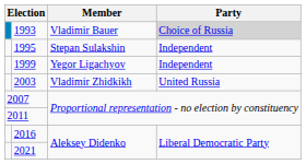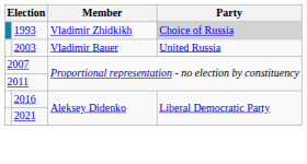 <table class="wikitable">
 <tr>
 <th colspan="2">Election</th>
 <th>Member</th>
 <th>Party</th>
 </tr>
 <tr>
 <td style="background-color:#0085BE"></td>
 <td><a href='#'>1993</a></td>
-<td><a href='#'>Vladimir Bauer</a></td>
+<td><a href='#'>Vladimir Zhidkikh</a></td>
 <td style="background: lightgrey;"><a href='#'>Choice of Russia</a></td>
 </tr>
 <tr>
 <td style="background-color:"></td>
-<td><a href='#'>1995</a></td>
-<td><a href='#'>Stepan Sulakshin</a></td>
-<td><a href='#'>Independent</a></td>
-</tr>
-<tr>
-<td style="background-color:"></td>
-<td><a href='#'>1999</a></td>
-<td><a href='#'>Yegor Ligachyov</a></td>
-<td><a href='#'>Independent</a></td>
-</tr>
-<tr>
-<td style="background-color:"></td>
 <td><a href='#'>2003</a></td>
-<td><a href='#'>Vladimir Zhidkikh</a></td>
+<td><a href='#'>Vladimir Bauer</a></td>
 <td><a href='#'>United Russia</a></td>
 </tr>
 <tr>
 <td colspan=2><a href='#'>2007</a></td>
 <td colspan=2 rowspan=2><em><a href='#'>Proportional representation</a> - no election by constituency</em></td>
 </tr>
 <tr>
 <td colspan=2><a href='#'>2011</a></td>
 </tr>
 <tr>
 <td style="background-color: "></td>
 <td><a href='#'>2016</a></td>
 <td rowspan=2><a href='#'>Aleksey Didenko</a></td>
 <td rowspan=2><a href='#'>Liberal Democratic Party</a></td>
 </tr>
 <tr>
 <td style="background-color: "></td>
 <td><a href='#'>2021</a></td>
 </tr>
 </table>
